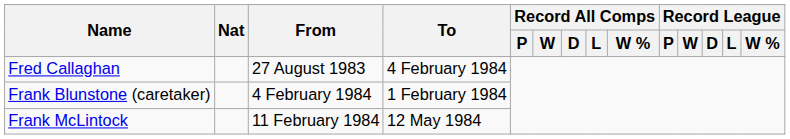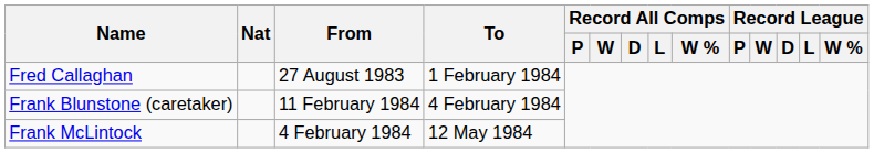 <table style="text-align: center" class="wikitable">
 <tr>
 <th rowspan="2">Name</th>
 <th rowspan="2">Nat</th>
 <th rowspan="2">From</th>
 <th rowspan="2">To</th>
 <th colspan="5">Record All Comps</th>
 <th colspan="5">Record League</th>
 </tr>
 <tr>
 <th>P</th>
 <th>W</th>
 <th>D</th>
 <th>L</th>
 <th>W %</th>
 <th>P</th>
 <th>W</th>
 <th>D</th>
 <th>L</th>
 <th>W %</th>
 </tr>
 <tr>
 <td style="text-align:left;"><a href='#'>Fred Callaghan</a></td>
 <td></td>
 <td style="text-align:left;">27 August 1983</td>
-<td style="text-align:left;">4 February 1984<br> </td>
+<td style="text-align:left;">1 February 1984<br> </td>
 </tr>
 <tr>
 <td style="text-align:left;"><a href='#'>Frank Blunstone</a> (caretaker)</td>
 <td></td>
-<td style="text-align:left;">4 February 1984</td>
-<td style="text-align:left;">1 February 1984<br> </td>
+<td style="text-align:left;">11 February 1984</td>
+<td style="text-align:left;">4 February 1984<br> </td>
 </tr>
 <tr>
 <td style="text-align:left;"><a href='#'>Frank McLintock</a></td>
 <td></td>
-<td style="text-align:left;">11 February 1984</td>
+<td style="text-align:left;">4 February 1984</td>
 <td style="text-align:left;">12 May 1984<br> </td>
 </tr>
 </table>
